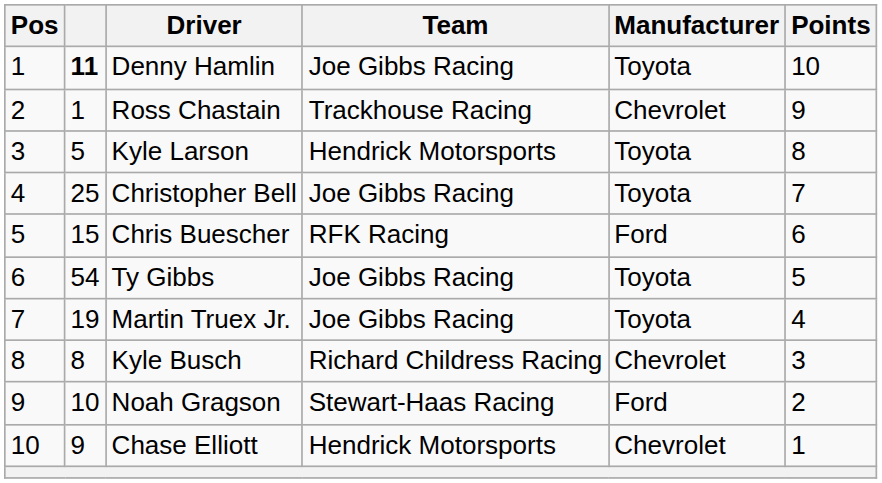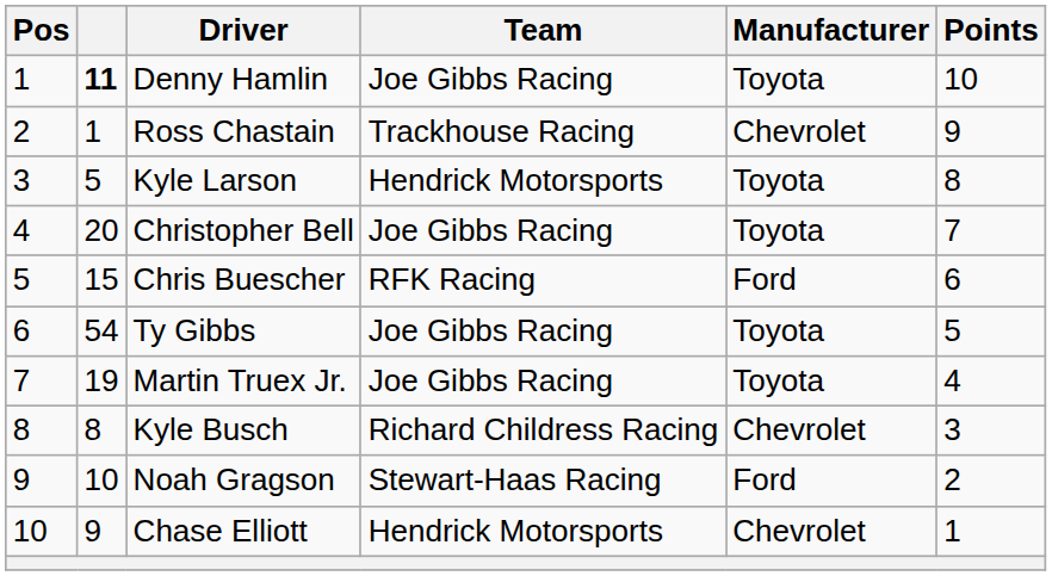 <table class="wikitable" style="font-size:98%">
 <tr>
 <th>Pos</th>
 <th></th>
 <th>Driver</th>
 <th>Team</th>
 <th>Manufacturer</th>
 <th>Points</th>
 </tr>
 <tr>
 <td>1</td>
 <td><strong>11</strong></td>
 <td>Denny Hamlin</td>
 <td>Joe Gibbs Racing</td>
 <td>Toyota</td>
 <td>10</td>
 </tr>
 <tr>
 <td>2</td>
 <td>1</td>
 <td>Ross Chastain</td>
 <td>Trackhouse Racing</td>
 <td>Chevrolet</td>
 <td>9</td>
 </tr>
 <tr>
 <td>3</td>
 <td>5</td>
 <td>Kyle Larson</td>
 <td>Hendrick Motorsports</td>
 <td>Toyota</td>
 <td>8</td>
 </tr>
 <tr>
 <td>4</td>
-<td>25</td>
+<td>20</td>
 <td>Christopher Bell</td>
 <td>Joe Gibbs Racing</td>
 <td>Toyota</td>
 <td>7</td>
 </tr>
 <tr>
 <td>5</td>
 <td>15</td>
 <td>Chris Buescher</td>
 <td>RFK Racing</td>
 <td>Ford</td>
 <td>6</td>
 </tr>
 <tr>
 <td>6</td>
 <td>54</td>
 <td>Ty Gibbs</td>
 <td>Joe Gibbs Racing</td>
 <td>Toyota</td>
 <td>5</td>
 </tr>
 <tr>
 <td>7</td>
 <td>19</td>
 <td>Martin Truex Jr.</td>
 <td>Joe Gibbs Racing</td>
 <td>Toyota</td>
 <td>4</td>
 </tr>
 <tr>
 <td>8</td>
 <td>8</td>
 <td>Kyle Busch</td>
 <td>Richard Childress Racing</td>
 <td>Chevrolet</td>
 <td>3</td>
 </tr>
 <tr>
 <td>9</td>
 <td>10</td>
 <td>Noah Gragson</td>
 <td>Stewart-Haas Racing</td>
 <td>Ford</td>
 <td>2</td>
 </tr>
 <tr>
 <td>10</td>
 <td>9</td>
 <td>Chase Elliott</td>
 <td>Hendrick Motorsports</td>
 <td>Chevrolet</td>
 <td>1</td>
 </tr>
 <tr>
 <th colspan="6"></th>
 </tr>
 </table>
